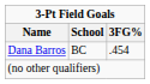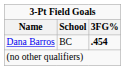 <table class="wikitable">
 <tr>
 <td colspan=3 style="text-align:center;"><strong>3-Pt Field Goals</strong></td>
 </tr>
 <tr>
 <th>Name</th>
 <th>School</th>
 <th>3FG%</th>
 </tr>
 <tr>
 <td><a href='#'>Dana Barros</a></td>
 <td>BC</td>
-<td>.454</td>
+<td><strong>.454</strong></td>
 </tr>
 <tr>
 <td colspan=3>(no other qualifiers)</td>
 </tr>
 </table>
